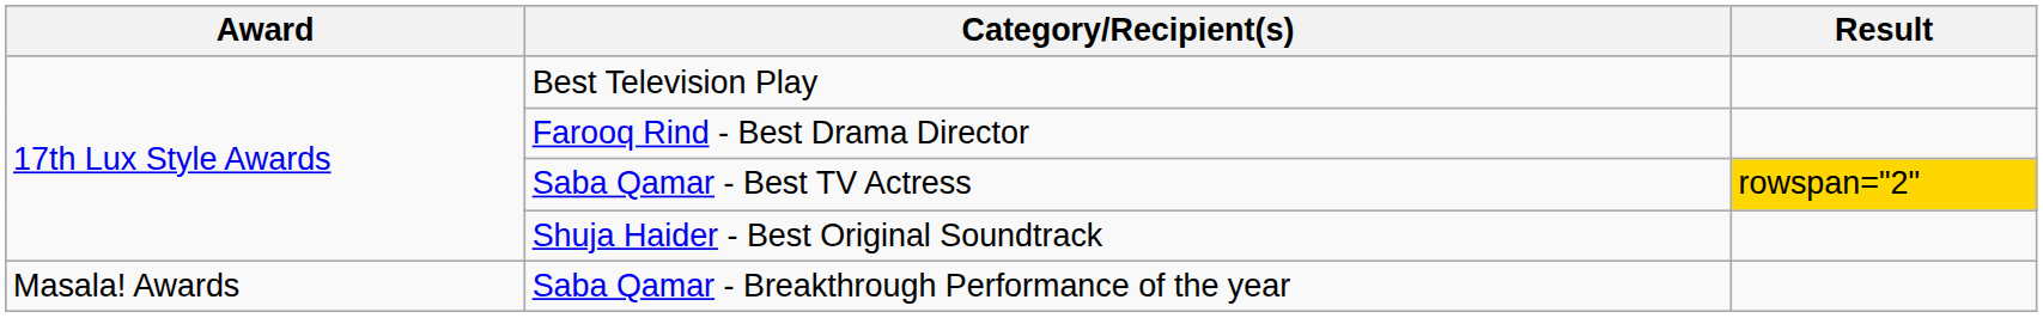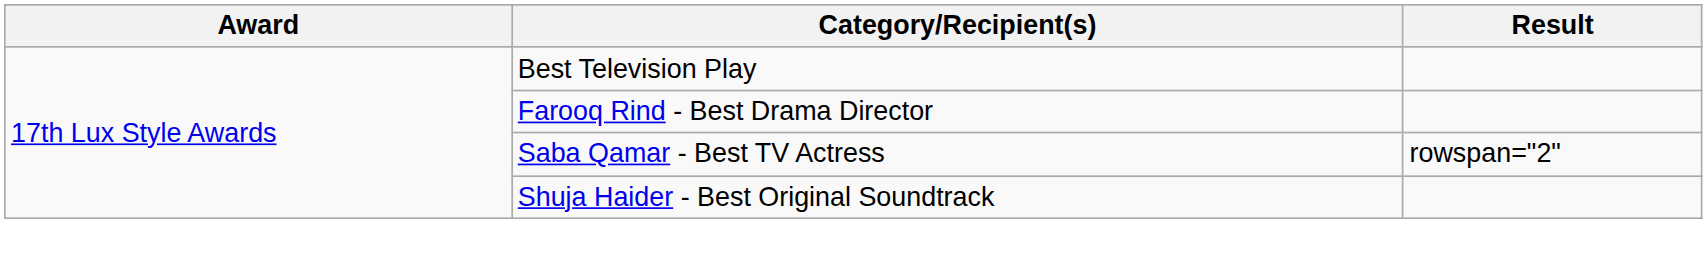 <table class="wikitable" style="width:80%;">
 <tr>
 <th>Award</th>
 <th>Category/Recipient(s)</th>
 <th>Result</th>
 </tr>
 <tr>
 <td rowspan="4"><a href='#'>17th Lux Style Awards</a></td>
 <td>Best Television Play</td>
 <td></td>
 </tr>
 <tr>
 <td><a href='#'>Farooq Rind</a> - Best Drama Director</td>
 <td></td>
 </tr>
 <tr>
 <td><a href='#'>Saba Qamar</a> - Best TV Actress</td>
-<td style="background: gold;">rowspan="2" </td>
+<td>rowspan="2" </td>
 </tr>
 <tr>
 <td><a href='#'>Shuja Haider</a> - Best Original Soundtrack</td>
 </tr>
-<tr>
-<td>Masala! Awards</td>
-<td><a href='#'>Saba Qamar</a> - Breakthrough Performance of the year</td>
-<td></td>
-</tr>
 </table>
